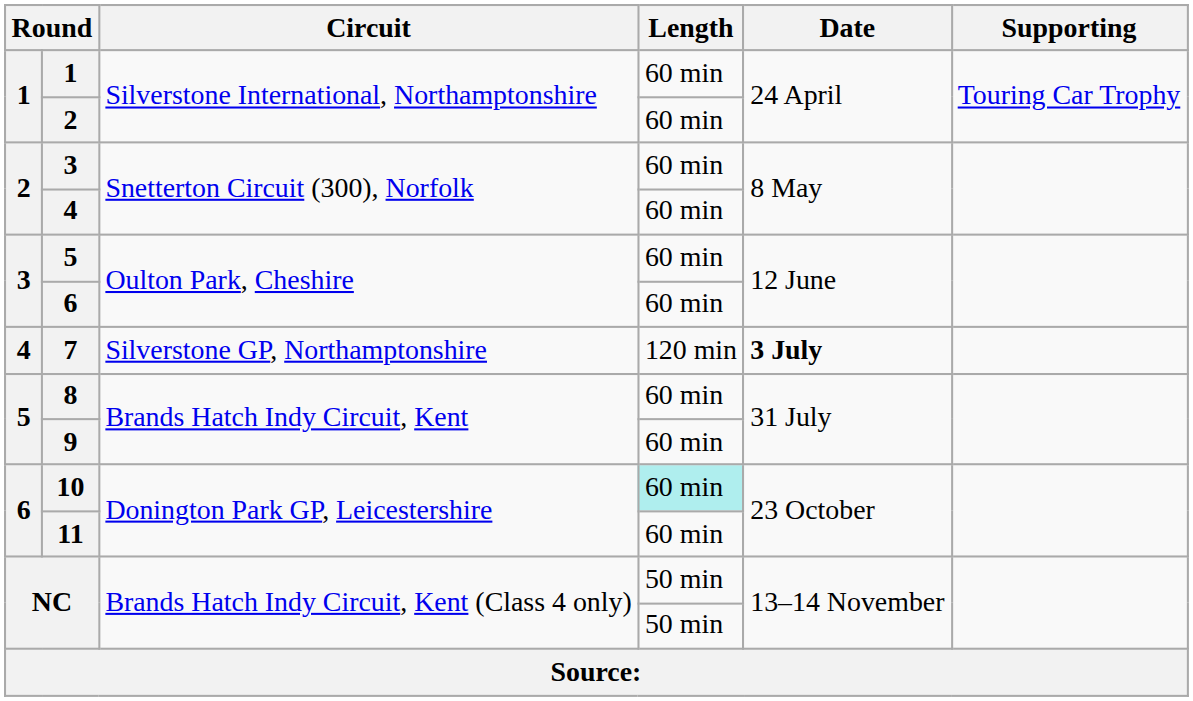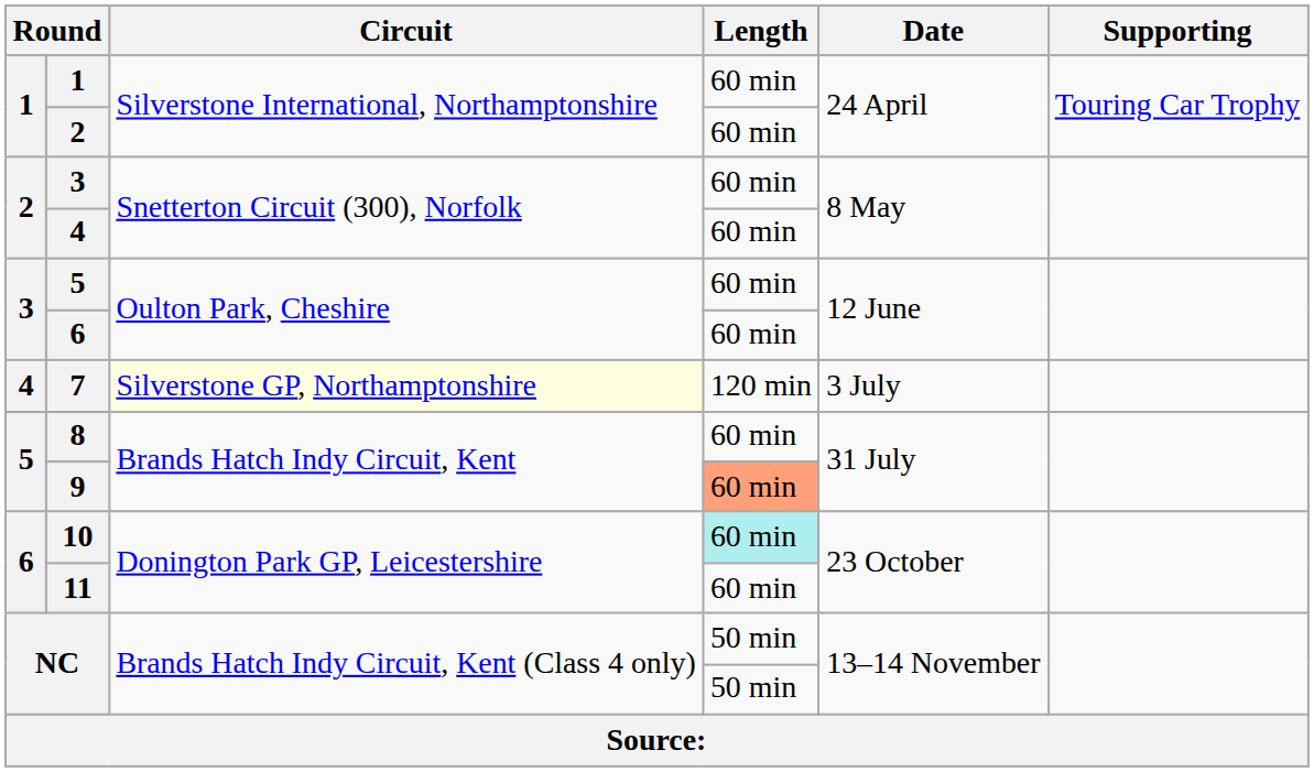 <table class="wikitable" style="font-size: 85%;">
 <tr>
 <th colspan=2>Round</th>
 <th>Circuit</th>
 <th>Length</th>
 <th>Date</th>
 <th>Supporting</th>
 </tr>
 <tr>
 <th rowspan=2>1</th>
 <th>1</th>
 <td rowspan=2><a href='#'>Silverstone International</a>, <a href='#'>Northamptonshire</a></td>
 <td>60 min</td>
 <td rowspan=2>24 April</td>
 <td rowspan=2><a href='#'>Touring Car Trophy</a></td>
 </tr>
 <tr>
 <th>2</th>
 <td>60 min</td>
 </tr>
 <tr>
 <th rowspan=2>2</th>
 <th>3</th>
 <td rowspan=2><a href='#'>Snetterton Circuit</a> (300), <a href='#'>Norfolk</a></td>
 <td>60 min</td>
 <td rowspan=2>8 May</td>
 <td rowspan=2></td>
 </tr>
 <tr>
 <th>4</th>
 <td>60 min</td>
 </tr>
 <tr>
 <th rowspan=2>3</th>
 <th>5</th>
 <td rowspan=2><a href='#'>Oulton Park</a>, <a href='#'>Cheshire</a></td>
 <td>60 min</td>
 <td rowspan=2>12 June</td>
 <td rowspan=2></td>
 </tr>
 <tr>
 <th>6</th>
 <td>60 min</td>
 </tr>
 <tr>
 <th>4</th>
 <th>7</th>
-<td><a href='#'>Silverstone GP</a>, <a href='#'>Northamptonshire</a></td>
+<td style="background: lightyellow;"><a href='#'>Silverstone GP</a>, <a href='#'>Northamptonshire</a></td>
 <td>120 min</td>
-<td><strong>3 July</strong></td>
+<td>3 July</td>
 <td></td>
 </tr>
 <tr>
 <th rowspan=2>5</th>
 <th>8</th>
 <td rowspan=2><a href='#'>Brands Hatch Indy Circuit</a>, <a href='#'>Kent</a></td>
 <td>60 min</td>
 <td rowspan=2>31 July</td>
 <td rowspan=2></td>
 </tr>
 <tr>
 <th>9</th>
-<td>60 min</td>
+<td style="background: lightsalmon;">60 min</td>
 </tr>
 <tr>
 <th rowspan=2>6</th>
 <th>10</th>
 <td rowspan=2><a href='#'>Donington Park GP</a>, <a href='#'>Leicestershire</a></td>
 <td style="background: paleturquoise;">60 min</td>
 <td rowspan=2>23 October</td>
 <td rowspan=2></td>
 </tr>
 <tr>
 <th>11</th>
 <td>60 min</td>
 </tr>
 <tr>
 <th colspan=2 rowspan=2>NC</th>
 <td rowspan=2><a href='#'>Brands Hatch Indy Circuit</a>, <a href='#'>Kent</a> (Class 4 only)</td>
 <td>50 min</td>
 <td rowspan=2>13–14 November</td>
 <td rowspan=2></td>
 </tr>
 <tr>
 <td>50 min</td>
 </tr>
 <tr>
 <th colspan=6>Source:</th>
 </tr>
 </table>
